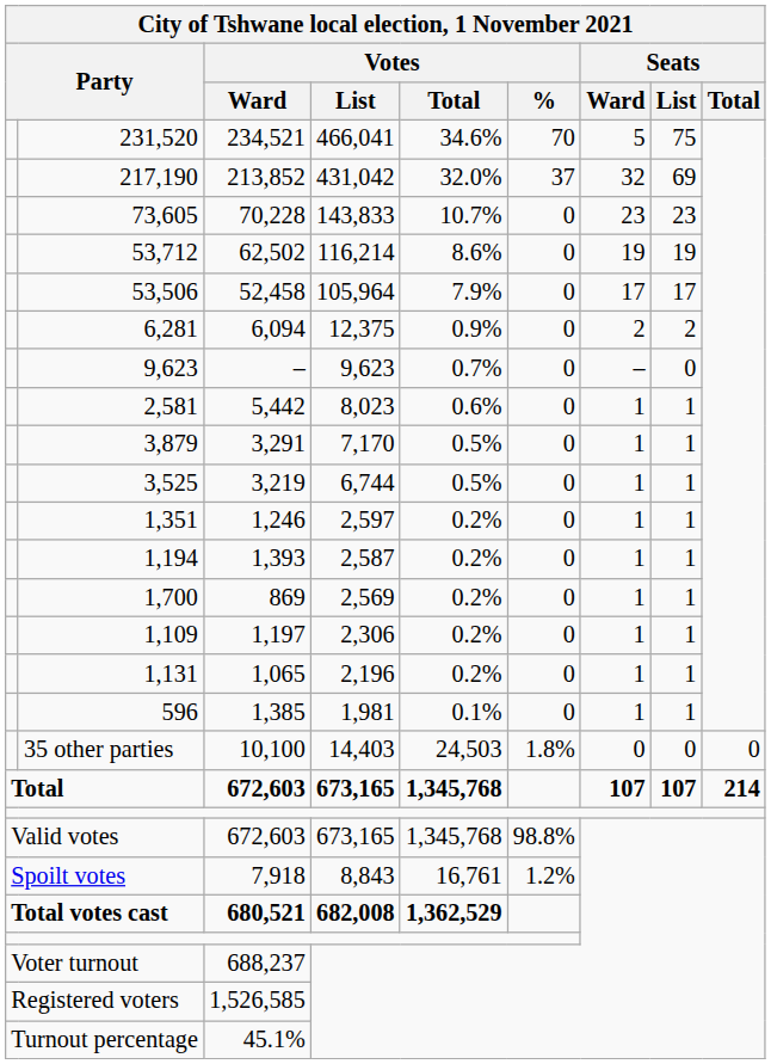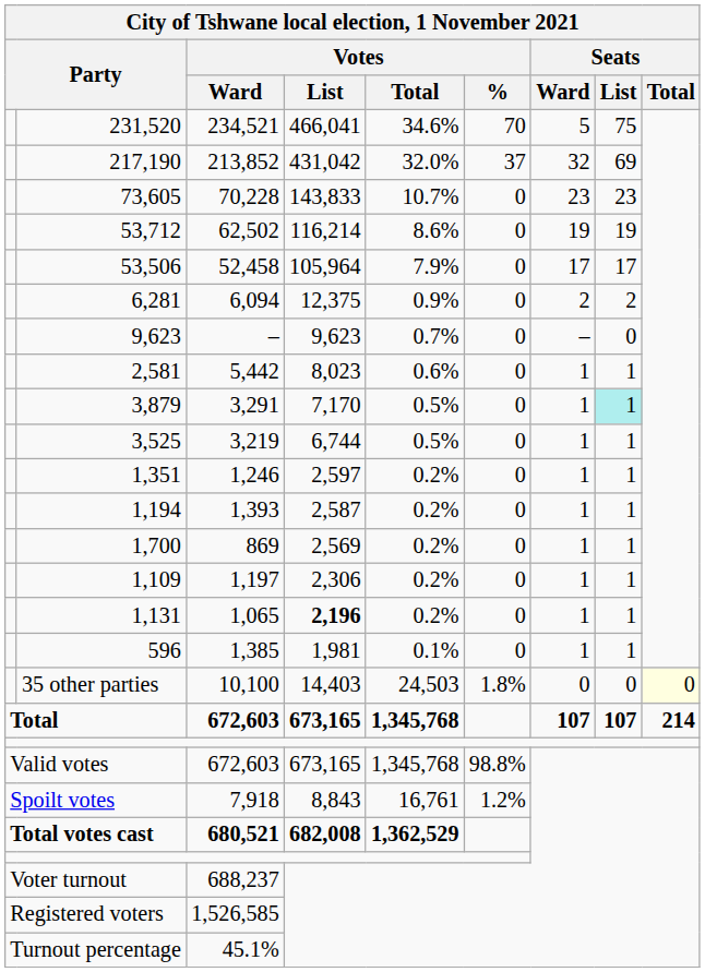 <table class=wikitable style="text-align:right">
 <tr>
 <th colspan="9" align="center">City of Tshwane local election, 1 November 2021</th>
 </tr>
 <tr>
 <th rowspan="2" colspan="2">Party</th>
 <th colspan="4" align="center">Votes</th>
 <th colspan="3" align="center">Seats</th>
 </tr>
 <tr>
 <th>Ward</th>
 <th>List</th>
 <th>Total</th>
 <th>%</th>
 <th>Ward</th>
 <th>List</th>
 <th>Total</th>
 </tr>
 <tr>
 <td></td>
 <td>231,520</td>
 <td>234,521</td>
 <td>466,041</td>
 <td>34.6%</td>
 <td>70</td>
 <td>5</td>
 <td>75</td>
 </tr>
 <tr>
 <td></td>
 <td>217,190</td>
 <td>213,852</td>
 <td>431,042</td>
 <td>32.0%</td>
 <td>37</td>
 <td>32</td>
 <td>69</td>
 </tr>
 <tr>
 <td></td>
 <td>73,605</td>
 <td>70,228</td>
 <td>143,833</td>
 <td>10.7%</td>
 <td>0</td>
 <td>23</td>
 <td>23</td>
 </tr>
 <tr>
 <td></td>
 <td>53,712</td>
 <td>62,502</td>
 <td>116,214</td>
 <td>8.6%</td>
 <td>0</td>
 <td>19</td>
 <td>19</td>
 </tr>
 <tr>
 <td></td>
 <td>53,506</td>
 <td>52,458</td>
 <td>105,964</td>
 <td>7.9%</td>
 <td>0</td>
 <td>17</td>
 <td>17</td>
 </tr>
 <tr>
 <td></td>
 <td>6,281</td>
 <td>6,094</td>
 <td>12,375</td>
 <td>0.9%</td>
 <td>0</td>
 <td>2</td>
 <td>2</td>
 </tr>
 <tr>
 <td></td>
 <td>9,623</td>
 <td>–</td>
 <td>9,623</td>
 <td>0.7%</td>
 <td>0</td>
 <td>–</td>
 <td>0</td>
 </tr>
 <tr>
 <td></td>
 <td>2,581</td>
 <td>5,442</td>
 <td>8,023</td>
 <td>0.6%</td>
 <td>0</td>
 <td>1</td>
 <td>1</td>
 </tr>
 <tr>
 <td></td>
 <td>3,879</td>
 <td>3,291</td>
 <td>7,170</td>
 <td>0.5%</td>
 <td>0</td>
 <td>1</td>
-<td>1</td>
+<td style="background: paleturquoise;">1</td>
 </tr>
 <tr>
 <td></td>
 <td>3,525</td>
 <td>3,219</td>
 <td>6,744</td>
 <td>0.5%</td>
 <td>0</td>
 <td>1</td>
 <td>1</td>
 </tr>
 <tr>
 <td></td>
 <td>1,351</td>
 <td>1,246</td>
 <td>2,597</td>
 <td>0.2%</td>
 <td>0</td>
 <td>1</td>
 <td>1</td>
 </tr>
 <tr>
 <td></td>
 <td>1,194</td>
 <td>1,393</td>
 <td>2,587</td>
 <td>0.2%</td>
 <td>0</td>
 <td>1</td>
 <td>1</td>
 </tr>
 <tr>
 <td></td>
 <td>1,700</td>
 <td>869</td>
 <td>2,569</td>
 <td>0.2%</td>
 <td>0</td>
 <td>1</td>
 <td>1</td>
 </tr>
 <tr>
 <td></td>
 <td>1,109</td>
 <td>1,197</td>
 <td>2,306</td>
 <td>0.2%</td>
 <td>0</td>
 <td>1</td>
 <td>1</td>
 </tr>
 <tr>
 <td></td>
 <td>1,131</td>
 <td>1,065</td>
-<td>2,196</td>
+<td><strong>2,196</strong></td>
 <td>0.2%</td>
 <td>0</td>
 <td>1</td>
 <td>1</td>
 </tr>
 <tr>
 <td></td>
 <td>596</td>
 <td>1,385</td>
 <td>1,981</td>
 <td>0.1%</td>
 <td>0</td>
 <td>1</td>
 <td>1</td>
 </tr>
 <tr>
 <td></td>
 <td style="text-align:left">35 other parties</td>
 <td>10,100</td>
 <td>14,403</td>
 <td>24,503</td>
 <td>1.8%</td>
 <td>0</td>
 <td>0</td>
-<td>0</td>
+<td style="background: lightyellow;">0</td>
 </tr>
 <tr>
 <td colspan="2" style="text-align:left"><strong>Total</strong></td>
 <td><strong>672,603</strong></td>
 <td><strong>673,165</strong></td>
 <td><strong>1,345,768</strong></td>
 <td></td>
 <td><strong>107</strong></td>
 <td><strong>107</strong></td>
 <td><strong>214</strong></td>
 </tr>
 <tr>
 <td colspan="9"></td>
 </tr>
 <tr>
 <td colspan="2" style="text-align:left">Valid votes</td>
 <td>672,603</td>
 <td>673,165</td>
 <td>1,345,768</td>
 <td>98.8%</td>
 </tr>
 <tr>
 <td colspan="2" style="text-align:left"><a href='#'>Spoilt votes</a></td>
 <td>7,918</td>
 <td>8,843</td>
 <td>16,761</td>
 <td>1.2%</td>
 </tr>
 <tr>
 <td colspan="2" style="text-align:left"><strong>Total votes cast</strong></td>
 <td><strong>680,521</strong></td>
 <td><strong>682,008</strong></td>
 <td><strong>1,362,529</strong></td>
 <td></td>
 </tr>
 <tr>
 <td colspan="6"></td>
 </tr>
 <tr>
 <td colspan="2" style="text-align:left">Voter turnout</td>
 <td>688,237</td>
 </tr>
 <tr>
 <td colspan="2" style="text-align:left">Registered voters</td>
 <td>1,526,585</td>
 </tr>
 <tr>
 <td colspan="2" style="text-align:left">Turnout percentage</td>
 <td>45.1%</td>
 </tr>
 </table>
